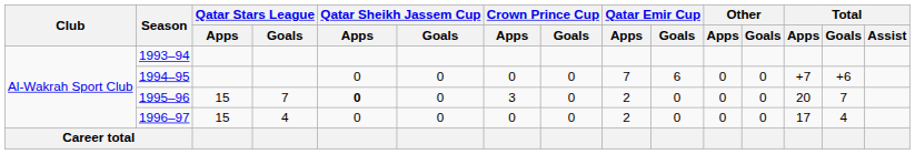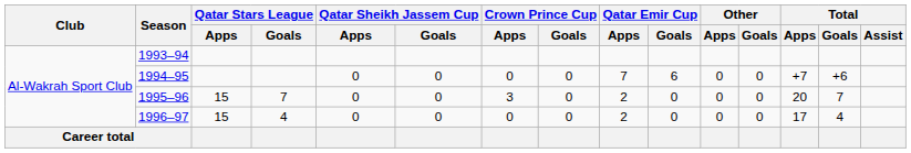 <table class="wikitable" style="text-align: center">
 <tr>
 <th rowspan="2">Club</th>
 <th rowspan="2">Season</th>
 <th colspan="2"><a href='#'>Qatar Stars League</a></th>
 <th colspan="2"><a href='#'>Qatar Sheikh Jassem Cup</a></th>
 <th colspan="2"><a href='#'>Crown Prince Cup</a></th>
 <th colspan="2"><a href='#'>Qatar Emir Cup</a></th>
 <th colspan="2">Other</th>
 <th colspan="3">Total</th>
 </tr>
 <tr>
 <th>Apps</th>
 <th>Goals</th>
 <th>Apps</th>
 <th>Goals</th>
 <th>Apps</th>
 <th>Goals</th>
 <th>Apps</th>
 <th>Goals</th>
 <th>Apps</th>
 <th>Goals</th>
 <th>Apps</th>
 <th>Goals</th>
 <th>Assist</th>
 </tr>
 <tr>
 <td rowspan="4"><a href='#'>Al-Wakrah Sport Club</a></td>
 <td><a href='#'>1993–94</a></td>
 <td></td>
 <td></td>
 <td></td>
 <td></td>
 <td></td>
 <td></td>
 <td></td>
 <td></td>
 <td></td>
 <td></td>
 <td></td>
 <td></td>
 <td></td>
 </tr>
 <tr>
 <td><a href='#'>1994–95</a></td>
 <td></td>
 <td></td>
 <td>0</td>
 <td>0</td>
 <td>0</td>
 <td>0</td>
 <td>7</td>
 <td>6</td>
 <td>0</td>
 <td>0</td>
 <td>+7</td>
 <td>+6</td>
 <td></td>
 </tr>
 <tr>
 <td><a href='#'>1995–96</a></td>
 <td>15</td>
 <td>7</td>
-<td><strong>0</strong></td>
+<td>0</td>
 <td>0</td>
 <td>3</td>
 <td>0</td>
 <td>2</td>
 <td>0</td>
 <td>0</td>
 <td>0</td>
 <td>20</td>
 <td>7</td>
 <td></td>
 </tr>
 <tr>
 <td><a href='#'>1996–97</a></td>
 <td>15</td>
 <td>4</td>
 <td>0</td>
 <td>0</td>
 <td>0</td>
 <td>0</td>
 <td>2</td>
 <td>0</td>
 <td>0</td>
 <td>0</td>
 <td>17</td>
 <td>4</td>
 <td></td>
 </tr>
 <tr>
 <th colspan="2">Career total</th>
 <th></th>
 <th></th>
 <th></th>
 <th></th>
 <th></th>
 <th></th>
 <th></th>
 <th></th>
 <th></th>
 <th></th>
 <th></th>
 <th></th>
 <th></th>
 </tr>
 </table>
